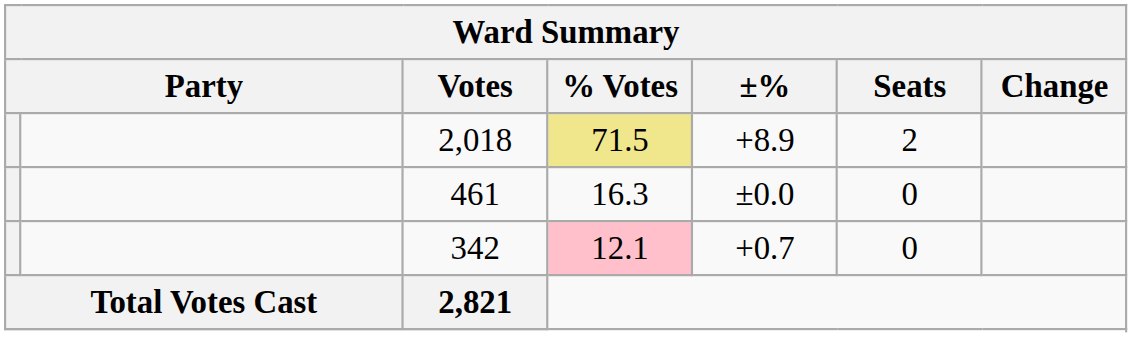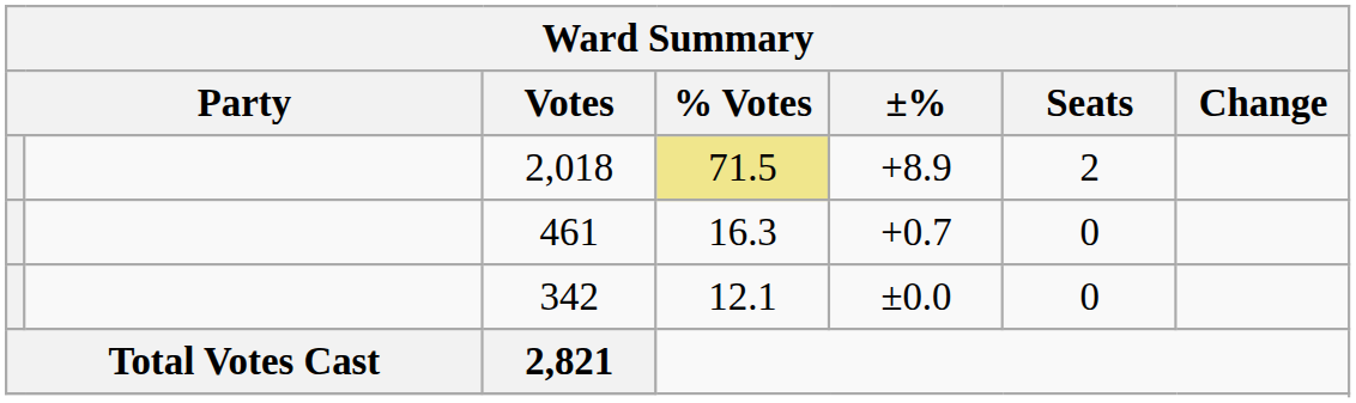 <table class="wikitable" style="font-size: 95%;">
 <tr>
 <th colspan="7">Ward Summary</th>
 </tr>
 <tr>
 <th colspan="2">Party</th>
 <th style="width: 60px">Votes</th>
 <th style="width: 60px">% Votes</th>
 <th style="width: 60px">±%</th>
 <th style="width: 60px">Seats</th>
 <th style="width: 60px">Change</th>
 </tr>
 <tr>
 <th style="background-color: "></th>
 <td style="width: 170px"><a href='#'></a></td>
 <td align="center">2,018</td>
 <td align="center" style="background: khaki;">71.5</td>
 <td align="center">+8.9</td>
 <td align="center">2</td>
 <td align="center"></td>
 </tr>
 <tr>
 <th style="background-color: "></th>
 <td style="width: 170px"><a href='#'></a></td>
 <td align="center">461</td>
 <td align="center">16.3</td>
-<td align="center">±0.0</td>
+<td align="center">+0.7</td>
 <td align="center">0</td>
 <td align="center"></td>
 </tr>
 <tr>
 <th style="background-color: "></th>
 <td style="width: 170px"><a href='#'></a></td>
 <td align="center">342</td>
-<td align="center" style="background: pink;">12.1</td>
-<td align="center">+0.7</td>
+<td align="center">12.1</td>
+<td align="center">±0.0</td>
 <td align="center">0</td>
 <td align="center"></td>
 </tr>
 <tr style="background-color:#E9E9E9">
 <th colspan="2">Total Votes Cast</th>
 <th style="width: 60px">2,821</th>
 </tr>
 <tr style="background-color:#E9E9E9">
 </tr>
 </table>
